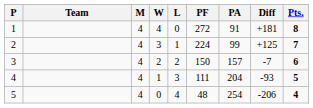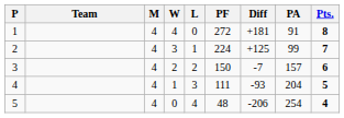 <table class=wikitable style="font-size:90%;">
 <tr align=center>
 <th width=20px>P</th>
 <th width=150px>Team</th>
 <th width=20px>M</th>
 <th width=20px>W</th>
 <th width=20px>L</th>
 <th width=40px>PF</th>
+<th width=40px>Diff</th>
 <th width=40px>PA</th>
-<th width=40px>Diff</th>
 <th width=30px><a href='#'>Pts.</a></th>
 </tr>
 <tr align=center>
 <td>1</td>
 <td align=left></td>
 <td>4</td>
 <td>4</td>
 <td>0</td>
 <td>272</td>
+<td>+181</td>
 <td>91</td>
-<td>+181</td>
 <td><strong>8</strong></td>
 </tr>
 <tr align=center>
 <td>2</td>
 <td align=left></td>
 <td>4</td>
 <td>3</td>
 <td>1</td>
 <td>224</td>
+<td>+125</td>
 <td>99</td>
-<td>+125</td>
 <td><strong>7</strong></td>
 </tr>
 <tr align=center>
 <td>3</td>
 <td align=left></td>
 <td>4</td>
 <td>2</td>
 <td>2</td>
 <td>150</td>
+<td>-7</td>
 <td>157</td>
-<td>-7</td>
 <td><strong>6</strong></td>
 </tr>
 <tr align=center>
 <td>4</td>
 <td align=left></td>
 <td>4</td>
 <td>1</td>
 <td>3</td>
 <td>111</td>
+<td>-93</td>
 <td>204</td>
-<td>-93</td>
 <td><strong>5</strong></td>
 </tr>
 <tr align=center>
 <td>5</td>
 <td align=left></td>
 <td>4</td>
 <td>0</td>
 <td>4</td>
 <td>48</td>
+<td>-206</td>
 <td>254</td>
-<td>-206</td>
 <td><strong>4</strong></td>
 </tr>
 </table>
